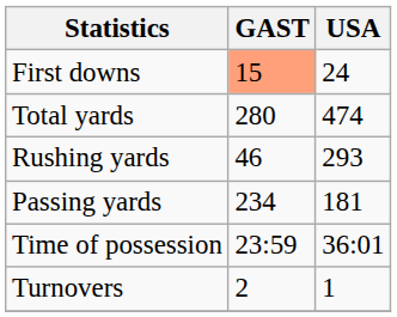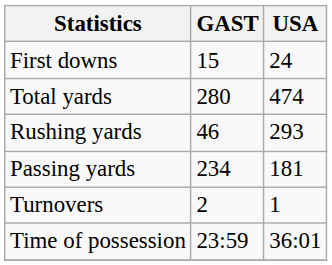 <table class="wikitable" style="float: left;">
 <tr>
 <th>Statistics</th>
 <th>GAST</th>
 <th>USA</th>
 </tr>
 <tr>
 <td>First downs</td>
-<td style="background: lightsalmon;">15</td>
+<td>15</td>
 <td>24</td>
 </tr>
 <tr>
 <td>Total yards</td>
 <td>280</td>
 <td>474</td>
 </tr>
 <tr>
 <td>Rushing yards</td>
 <td>46</td>
 <td>293</td>
 </tr>
 <tr>
 <td>Passing yards</td>
 <td>234</td>
 <td>181</td>
 </tr>
 <tr>
+<td>Turnovers</td>
+<td>2</td>
+<td>1</td>
+</tr>
+<tr>
 <td>Time of possession</td>
 <td>23:59</td>
 <td>36:01</td>
 </tr>
 <tr>
-<td>Turnovers</td>
-<td>2</td>
-<td>1</td>
-</tr>
-<tr>
 </tr>
 </table>
